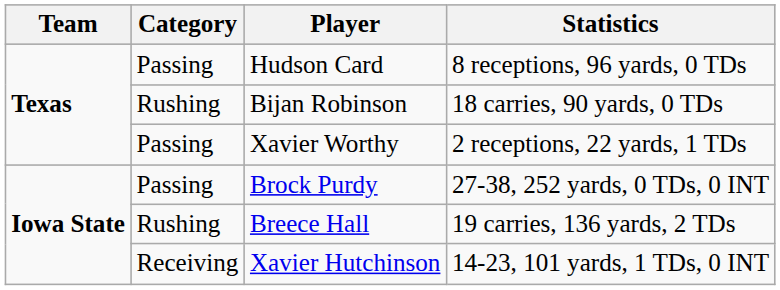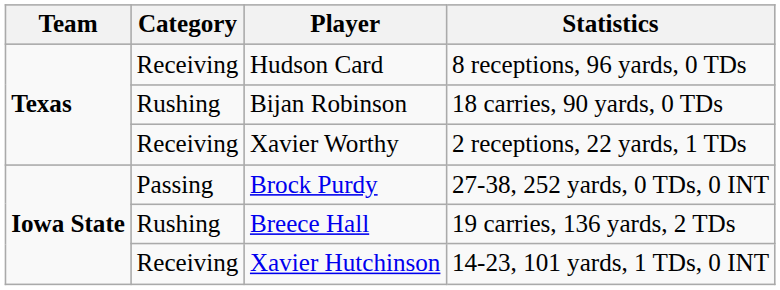 <table class="wikitable" style="float: right;">
 <tr>
 <th>Team</th>
 <th>Category</th>
 <th>Player</th>
 <th>Statistics</th>
 </tr>
 <tr>
 <td rowspan=3><strong>Texas</strong></td>
-<td>Passing</td>
+<td>Receiving</td>
 <td>Hudson Card</td>
 <td>8 receptions, 96 yards, 0 TDs</td>
 </tr>
 <tr>
 <td>Rushing</td>
 <td>Bijan Robinson</td>
 <td>18 carries, 90 yards, 0 TDs</td>
 </tr>
 <tr>
-<td>Passing</td>
+<td>Receiving</td>
 <td>Xavier Worthy</td>
 <td>2 receptions, 22 yards, 1 TDs</td>
 </tr>
 <tr>
 <td rowspan=3><strong>Iowa State</strong></td>
 <td>Passing</td>
 <td><a href='#'>Brock Purdy</a></td>
 <td>27-38, 252 yards, 0 TDs, 0 INT</td>
 </tr>
 <tr>
 <td>Rushing</td>
 <td><a href='#'>Breece Hall</a></td>
 <td>19 carries, 136 yards, 2 TDs</td>
 </tr>
 <tr>
 <td>Receiving</td>
 <td><a href='#'>Xavier Hutchinson</a></td>
 <td>14-23, 101 yards, 1 TDs, 0 INT</td>
 </tr>
 </table>
